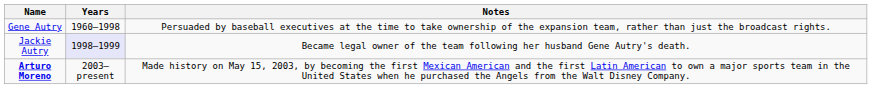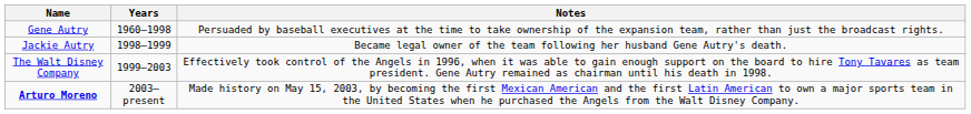 <table class="wikitable" style="text-align:center;">
 <tr>
 <th>Name</th>
 <th>Years</th>
 <th>Notes</th>
 </tr>
 <tr>
 <td><a href='#'>Gene Autry</a></td>
 <td>1960–1998</td>
 <td>Persuaded by baseball executives at the time to take ownership of the expansion team, rather than just the broadcast rights.</td>
 </tr>
 <tr>
 <td><a href='#'>Jackie Autry</a></td>
-<td style="background: lavender;">1998–1999</td>
+<td>1998–1999</td>
 <td>Became legal owner of the team following her husband Gene Autry's death.</td>
+</tr>
+<tr>
+<td><a href='#'>The Walt Disney Company</a></td>
+<td>1999–2003</td>
+<td>Effectively took control of the Angels in 1996, when it was able to gain enough support on the board to hire <a href='#'>Tony Tavares</a> as team president. Gene Autry remained as chairman until his death in 1998.</td>
 </tr>
 <tr>
 <td><strong><a href='#'>Arturo Moreno</a></strong></td>
 <td>2003–present</td>
 <td>Made history on May 15, 2003, by becoming the first <a href='#'>Mexican American</a> and the first <a href='#'>Latin American</a> to own a major sports team in the United States when he purchased the Angels from the Walt Disney Company.</td>
 </tr>
 </table>
